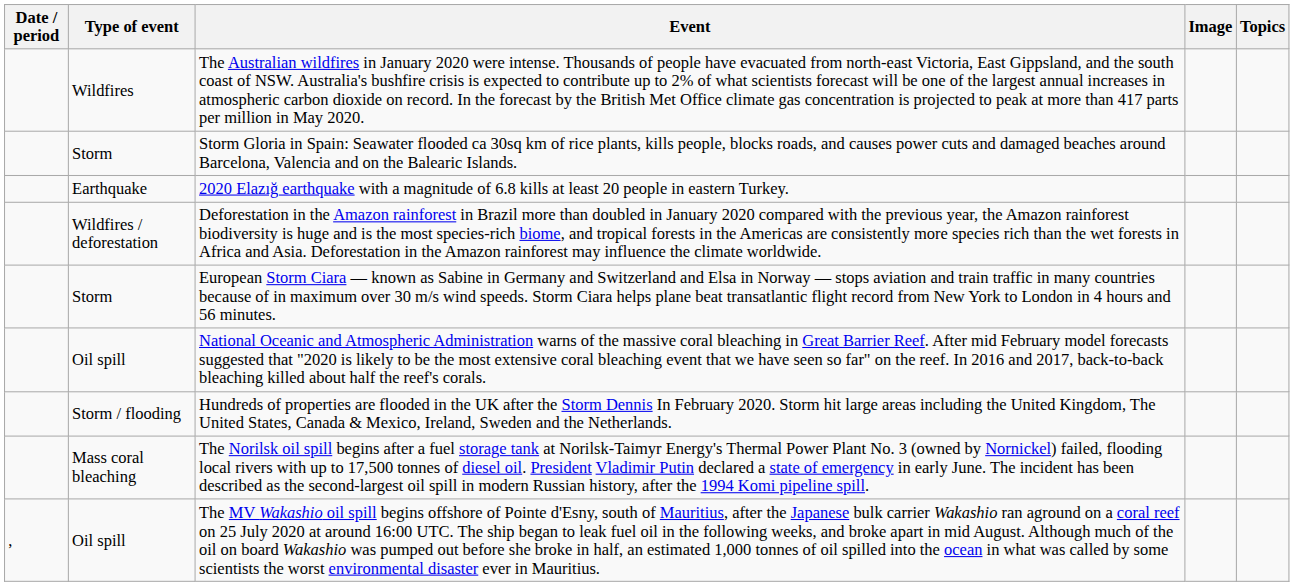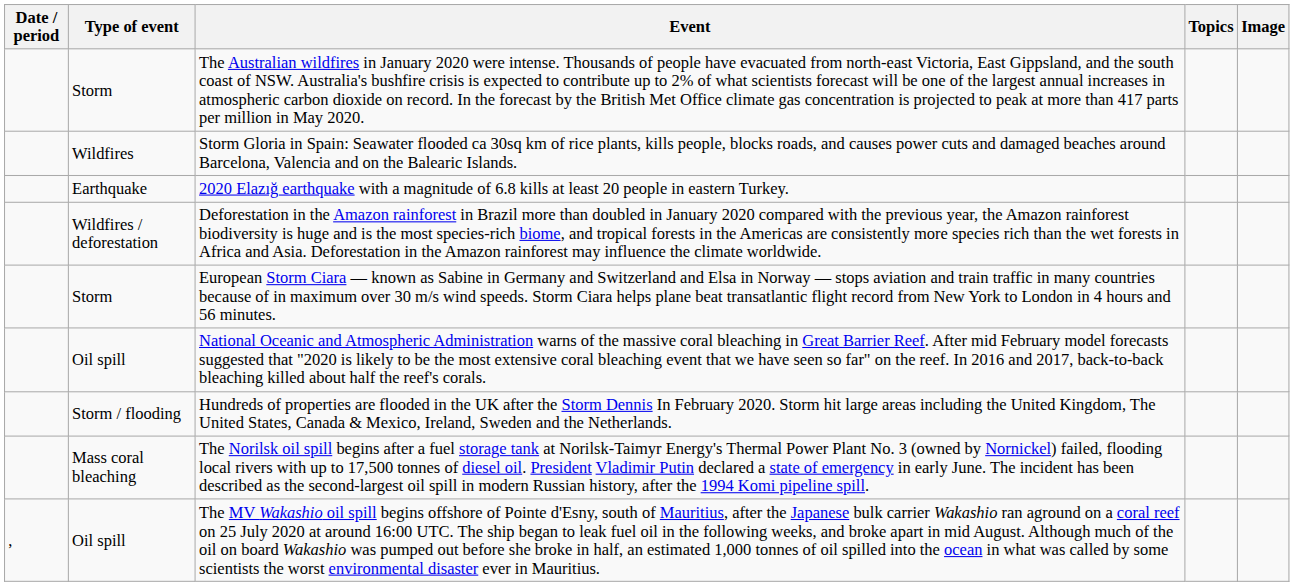 <table class="sortable wikitable">
 <tr>
 <th scope="col" width="20" style="width:5%;">Date / period</th>
 <th scope="col" width="30" style="width:10%;">Type of event</th>
 <th scope="col" width="30" style="width:80%;">Event</th>
+<th scope="col" width="3" style="width:2%;">Topics</th>
 <th scope="col" width="3" style="width:3%;">Image</th>
-<th scope="col" width="3" style="width:2%;">Topics</th>
 </tr>
 <tr>
 <td></td>
-<td>Wildfires</td>
+<td>Storm</td>
 <td>The <a href='#'>Australian wildfires</a> in January 2020 were intense. Thousands of people have evacuated from north-east Victoria, East Gippsland, and the south coast of NSW. Australia's bushfire crisis is expected to contribute up to 2% of what scientists forecast will be one of the largest annual increases in atmospheric carbon dioxide on record. In the forecast by the British Met Office climate gas concentration is projected to peak at more than 417 parts per million in May 2020.</td>
 <td></td>
 <td></td>
 </tr>
 <tr>
 <td></td>
-<td>Storm</td>
+<td>Wildfires</td>
 <td>Storm Gloria in Spain: Seawater flooded ca 30sq km of rice plants, kills people, blocks roads, and causes power cuts and damaged beaches around Barcelona, Valencia and on the Balearic Islands.</td>
 <td></td>
 <td></td>
 </tr>
 <tr>
 <td></td>
 <td>Earthquake</td>
 <td><a href='#'>2020 Elazığ earthquake</a> with a magnitude of 6.8 kills at least 20 people in eastern Turkey.</td>
 <td></td>
 <td></td>
 </tr>
 <tr>
 <td></td>
 <td>Wildfires / deforestation</td>
 <td>Deforestation in the <a href='#'>Amazon rainforest</a> in Brazil more than doubled in January 2020 compared with the previous year, the Amazon rainforest biodiversity is huge and is the most species-rich <a href='#'>biome</a>, and tropical forests in the Americas are consistently more species rich than the wet forests in Africa and Asia. Deforestation in the Amazon rainforest may influence the climate worldwide.</td>
 <td></td>
 <td></td>
 </tr>
 <tr>
 <td></td>
 <td>Storm</td>
 <td>European <a href='#'>Storm Ciara</a> — known as Sabine in Germany and Switzerland and Elsa in Norway — stops aviation and train traffic in many countries because of in maximum over 30 m/s wind speeds. Storm Ciara helps plane beat transatlantic flight record from New York to London in 4 hours and 56 minutes.</td>
 <td></td>
 <td></td>
 </tr>
 <tr>
 <td></td>
 <td>Oil spill</td>
 <td><a href='#'>National Oceanic and Atmospheric Administration</a> warns of the massive coral bleaching in <a href='#'>Great Barrier Reef</a>. After mid February model forecasts suggested that "2020 is likely to be the most extensive coral bleaching event that we have seen so far" on the reef. In 2016 and 2017, back-to-back bleaching killed about half the reef's corals.</td>
 <td></td>
 <td></td>
 </tr>
 <tr>
 <td></td>
 <td>Storm / flooding</td>
 <td>Hundreds of properties are flooded in the UK after the <a href='#'>Storm Dennis</a> In February 2020. Storm hit large areas including the United Kingdom, The United States, Canada & Mexico, Ireland, Sweden and the Netherlands.</td>
 <td></td>
 <td></td>
 </tr>
 <tr>
 <td></td>
 <td>Mass coral bleaching</td>
 <td>The <a href='#'>Norilsk oil spill</a> begins after a fuel <a href='#'>storage tank</a> at Norilsk-Taimyr Energy's Thermal Power Plant No. 3 (owned by <a href='#'>Nornickel</a>) failed, flooding local rivers with up to 17,500 tonnes of <a href='#'>diesel oil</a>. <a href='#'>President</a> <a href='#'>Vladimir Putin</a> declared a <a href='#'>state of emergency</a> in early June. The incident has been described as the second-largest oil spill in modern Russian history, after the <a href='#'>1994 Komi pipeline spill</a>.</td>
 <td></td>
 <td></td>
 </tr>
 <tr>
 <td>, </td>
 <td>Oil spill</td>
 <td>The <a href='#'>MV <em>Wakashio</em> oil spill</a> begins offshore of Pointe d'Esny, south of <a href='#'>Mauritius</a>, after the <a href='#'>Japanese</a> bulk carrier <em>Wakashio</em> ran aground on a <a href='#'>coral reef</a> on 25 July 2020 at around 16:00 UTC. The ship began to leak fuel oil in the following weeks, and broke apart in mid August. Although much of the oil on board <em>Wakashio</em> was pumped out before she broke in half, an estimated 1,000 tonnes of oil spilled into the <a href='#'>ocean</a> in what was called by some scientists the worst <a href='#'>environmental disaster</a> ever in Mauritius.</td>
 <td></td>
 <td></td>
 </tr>
 </table>
